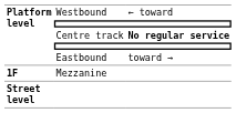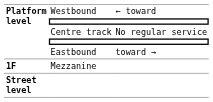 <table border=0 cellspacing=0 cellpadding=3>
 <tr>
 <td rowspan="5" style="border-top:solid 1px gray"width="50" valign="top"><strong>Platform level</strong></td>
 <td style="border-top:solid 1px gray">Westbound</td>
 <td style="border-top:solid 1px gray">←   toward  </td>
 </tr>
 <tr>
 <td style="border-top:solid 2px black;border-right:solid 2px black;border-left:solid 2px black;border-bottom:solid 2px black;text-align:center"colspan=2></td>
 </tr>
 <tr>
 <td>Centre track</td>
-<td><strong>No regular service</strong></td>
+<td>No regular service</td>
 </tr>
 <tr>
 <td style="border-top:solid 2px black;border-right:solid 2px black;border-left:solid 2px black;border-bottom:solid 2px black;text-align:center"colspan=2></td>
 </tr>
 <tr>
 <td>Eastbound</td>
 <td>   toward   →</td>
 </tr>
 <tr>
 <td valign="top" style="border-top:solid 1px gray"><strong>1F</strong></td>
 <td colspan="2" valign="top" style="border-top:solid 1px gray">Mezzanine</td>
 </tr>
 <tr>
 <td valign="top" style="border-bottom:solid 1px gray;border-top:solid 1px gray"><strong>Street level</strong></td>
 <td style="border-bottom:solid 1px gray;border-top:solid 1px gray"></td>
 <td style="border-bottom:solid 1px gray;border-top:solid 1px gray"></td>
 </tr>
 </table>
